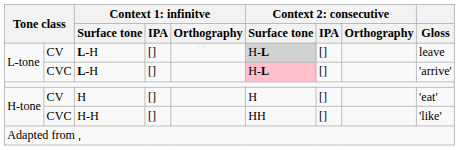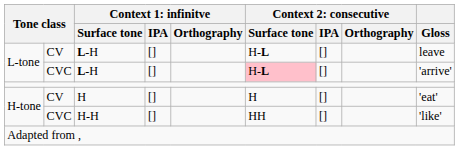 <table class="wikitable">
 <tr>
 <th colspan="2" rowspan="2">Tone class</th>
 <th colspan="3">Context 1: infinitve</th>
 <th colspan="3">Context 2: consecutive</th>
 <th></th>
 </tr>
 <tr>
 <th>Surface tone</th>
 <th>IPA</th>
 <th>Orthography</th>
 <th>Surface tone</th>
 <th>IPA</th>
 <th>Orthography</th>
 <th>Gloss</th>
 </tr>
 <tr>
 <td rowspan="2">L-tone</td>
 <td>CV</td>
 <td><strong>L</strong>-H</td>
 <td>[]</td>
 <td></td>
-<td style="background: lightgrey;">H-<strong>L</strong></td>
+<td>H-<strong>L</strong></td>
 <td>[]</td>
 <td></td>
 <td>leave</td>
 </tr>
 <tr>
 <td>CVC</td>
 <td><strong>L</strong>-H</td>
 <td>[]</td>
 <td></td>
 <td style="background: pink;">H-<strong>L</strong></td>
 <td>[]</td>
 <td></td>
 <td>'arrive'</td>
 </tr>
 <tr>
 <td colspan="9"></td>
 </tr>
 <tr>
 <td rowspan="2">H-tone</td>
 <td>CV</td>
 <td>H</td>
 <td>[]</td>
 <td></td>
 <td>H</td>
 <td>[]</td>
 <td></td>
 <td>'eat'</td>
 </tr>
 <tr>
 <td>CVC</td>
 <td>H-H</td>
 <td>[]</td>
 <td></td>
 <td>HH</td>
 <td>[]</td>
 <td></td>
 <td>'like'</td>
 </tr>
 <tr>
 <td colspan="9">Adapted from , </td>
 </tr>
 </table>
